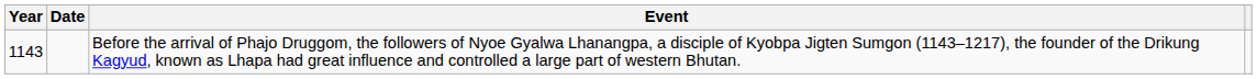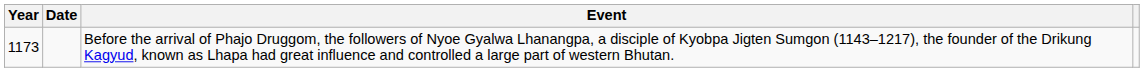 <table class="wikitable">
 <tr>
 <th>Year</th>
 <th>Date</th>
 <th>Event</th>
 <th></th>
 </tr>
 <tr>
-<td>1143</td>
+<td>1173</td>
 <td></td>
 <td>Before the arrival of Phajo Druggom, the followers of Nyoe Gyalwa Lhanangpa, a disciple of Kyobpa Jigten Sumgon (1143–1217), the founder of the Drikung <a href='#'>Kagyud</a>, known as Lhapa had great influence and controlled a large part of western Bhutan.</td>
 <td></td>
 </tr>
 </table>
